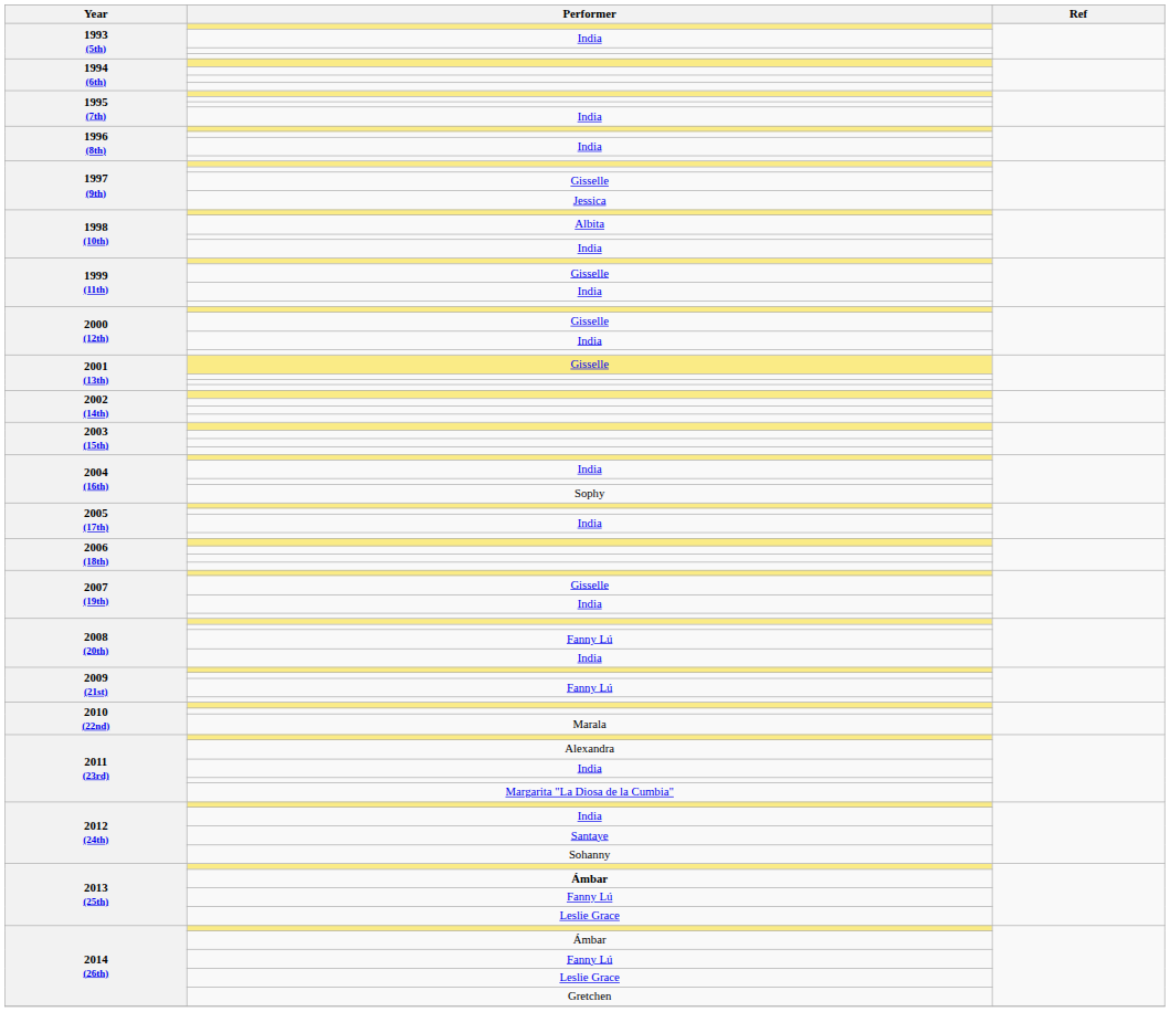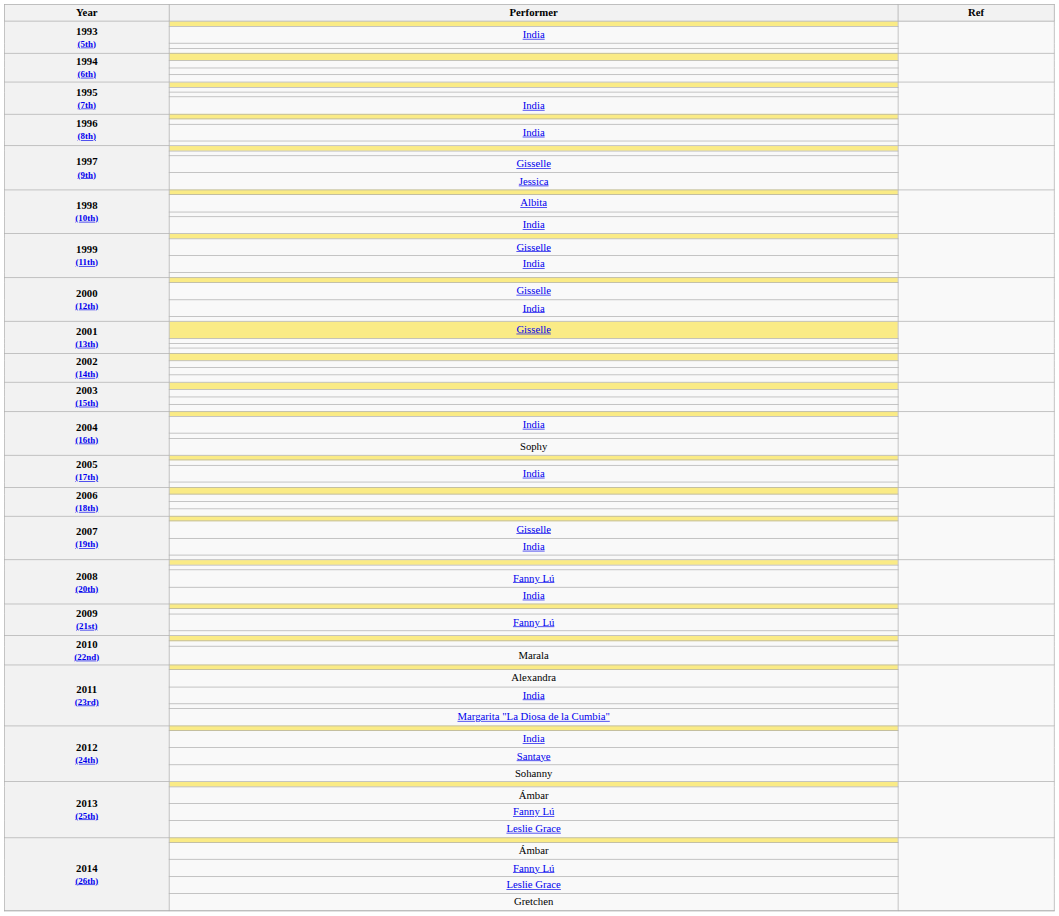 <table class="wikitable sortable" style="text-align:center;">
 <tr style="background:#bebebe;">
 <th scope="col" style="width:1%;">Year</th>
 <th scope="col" style="width:5%;">Performer</th>
 <th scope="col" style="width:1%;" class="unsortable">Ref</th>
 </tr>
 <tr>
 <th scope="row" rowspan=4>1993 <br><small><a href='#'>(5th)</a></small></th>
 <td style="background:#FAEB86"></td>
 <td rowspan=4></td>
 </tr>
 <tr>
 <td><a href='#'>India</a></td>
 </tr>
 <tr>
 <td></td>
 </tr>
 <tr>
 <td></td>
 </tr>
 <tr>
 <th scope="row" rowspan=4>1994 <br><small><a href='#'>(6th)</a></small></th>
 <td style="background:#FAEB86"></td>
 <td rowspan=4></td>
 </tr>
 <tr>
 <td></td>
 </tr>
 <tr>
 <td></td>
 </tr>
 <tr>
 <td></td>
 </tr>
 <tr>
 <th scope="row" rowspan=4>1995 <br><small><a href='#'>(7th)</a></small></th>
 <td style="background:#FAEB86"></td>
 <td rowspan=4></td>
 </tr>
 <tr>
 <td></td>
 </tr>
 <tr>
 <td></td>
 </tr>
 <tr>
 <td><a href='#'>India</a></td>
 </tr>
 <tr>
 <th scope="row" rowspan=4>1996 <br><small><a href='#'>(8th)</a></small></th>
 <td style="background:#FAEB86"></td>
 <td rowspan=4></td>
 </tr>
 <tr>
 <td></td>
 </tr>
 <tr>
 <td><a href='#'>India</a></td>
 </tr>
 <tr>
 <td></td>
 </tr>
 <tr>
 <th scope="row" rowspan=4>1997 <br><small><a href='#'>(9th)</a></small></th>
 <td style="background:#FAEB86"></td>
 <td rowspan=4></td>
 </tr>
 <tr>
 <td></td>
 </tr>
 <tr>
 <td><a href='#'>Gisselle</a></td>
 </tr>
 <tr>
 <td><a href='#'>Jessica</a></td>
 </tr>
 <tr>
 <th scope="row" rowspan=4>1998 <br><small><a href='#'>(10th)</a></small></th>
 <td style="background:#FAEB86"></td>
 <td rowspan=4></td>
 </tr>
 <tr>
 <td><a href='#'>Albita</a></td>
 </tr>
 <tr>
 <td></td>
 </tr>
 <tr>
 <td><a href='#'>India</a></td>
 </tr>
 <tr>
 <th scope="row" rowspan=4>1999 <br><small><a href='#'>(11th)</a></small></th>
 <td style="background:#FAEB86"></td>
 <td rowspan=4></td>
 </tr>
 <tr>
 <td><a href='#'>Gisselle</a></td>
 </tr>
 <tr>
 <td><a href='#'>India</a></td>
 </tr>
 <tr>
 <td></td>
 </tr>
 <tr>
 <th scope="row" rowspan=4>2000 <br><small><a href='#'>(12th)</a></small></th>
 <td style="background:#FAEB86"></td>
 <td rowspan=4></td>
 </tr>
 <tr>
 <td><a href='#'>Gisselle</a></td>
 </tr>
 <tr>
 <td><a href='#'>India</a></td>
 </tr>
 <tr>
 <td></td>
 </tr>
 <tr>
 <th scope="row" rowspan=4>2001 <br><small><a href='#'>(13th)</a></small></th>
 <td style="background:#FAEB86"><a href='#'>Gisselle</a></td>
 <td rowspan=4></td>
 </tr>
 <tr>
 <td></td>
 </tr>
 <tr>
 <td></td>
 </tr>
 <tr>
 <td></td>
 </tr>
 <tr>
 <th scope="row" rowspan=4>2002 <br><small><a href='#'>(14th)</a></small></th>
 <td style="background:#FAEB86"></td>
 <td rowspan=4></td>
 </tr>
 <tr>
 <td></td>
 </tr>
 <tr>
 <td></td>
 </tr>
 <tr>
 <td></td>
 </tr>
 <tr>
 <th scope="row" rowspan=4>2003 <br><small><a href='#'>(15th)</a></small></th>
 <td style="background:#FAEB86"></td>
 <td rowspan=4></td>
 </tr>
 <tr>
 <td></td>
 </tr>
 <tr>
 <td></td>
 </tr>
 <tr>
 <td></td>
 </tr>
 <tr>
 <th scope="row" rowspan=4>2004 <br><small><a href='#'>(16th)</a></small></th>
 <td style="background:#FAEB86"></td>
 <td rowspan=4></td>
 </tr>
 <tr>
 <td><a href='#'>India</a></td>
 </tr>
 <tr>
 <td></td>
 </tr>
 <tr>
 <td>Sophy</td>
 </tr>
 <tr>
 <th scope="row" rowspan=4>2005 <br><small><a href='#'>(17th)</a></small></th>
 <td style="background:#FAEB86"></td>
 <td rowspan=4></td>
 </tr>
 <tr>
 <td></td>
 </tr>
 <tr>
 <td><a href='#'>India</a></td>
 </tr>
 <tr>
 <td></td>
 </tr>
 <tr>
 <th scope="row" rowspan=4>2006 <br><small><a href='#'>(18th)</a></small></th>
 <td style="background:#FAEB86"></td>
 <td rowspan=4></td>
 </tr>
 <tr>
 <td></td>
 </tr>
 <tr>
 <td></td>
 </tr>
 <tr>
 <td></td>
 </tr>
 <tr>
 <th scope="row" rowspan=4>2007 <br><small><a href='#'>(19th)</a></small></th>
 <td style="background:#FAEB86"></td>
 <td rowspan=4></td>
 </tr>
 <tr>
 <td><a href='#'>Gisselle</a></td>
 </tr>
 <tr>
 <td><a href='#'>India</a></td>
 </tr>
 <tr>
 <td></td>
 </tr>
 <tr>
 <th scope="row" rowspan=4>2008 <br><small><a href='#'>(20th)</a></small></th>
 <td style="background:#FAEB86"></td>
 <td rowspan=4></td>
 </tr>
 <tr>
 <td></td>
 </tr>
 <tr>
 <td><a href='#'>Fanny Lú</a></td>
 </tr>
 <tr>
 <td><a href='#'>India</a></td>
 </tr>
 <tr>
 <th scope="row" rowspan=4>2009 <br><small><a href='#'>(21st)</a></small></th>
 <td style="background:#FAEB86"></td>
 <td rowspan=4></td>
 </tr>
 <tr>
 <td></td>
 </tr>
 <tr>
 <td><a href='#'>Fanny Lú</a></td>
 </tr>
 <tr>
 <td></td>
 </tr>
 <tr>
 <th scope="row" rowspan=3>2010 <br><small><a href='#'>(22nd)</a></small></th>
 <td style="background:#FAEB86"></td>
 <td rowspan=3></td>
 </tr>
 <tr>
 <td></td>
 </tr>
 <tr>
 <td>Marala</td>
 </tr>
 <tr>
 <th scope="row" rowspan=5>2011 <br><small><a href='#'>(23rd)</a></small></th>
 <td style="background:#FAEB86"></td>
 <td rowspan=5></td>
 </tr>
 <tr>
 <td>Alexandra</td>
 </tr>
 <tr>
 <td><a href='#'>India</a></td>
 </tr>
 <tr>
 <td></td>
 </tr>
 <tr>
 <td><a href='#'>Margarita "La Diosa de la Cumbia"</a></td>
 </tr>
 <tr>
 <th scope="row" rowspan=4>2012 <br><small><a href='#'>(24th)</a></small></th>
 <td style="background:#FAEB86"></td>
 <td rowspan=4></td>
 </tr>
 <tr>
 <td><a href='#'>India</a></td>
 </tr>
 <tr>
 <td><a href='#'>Santaye</a></td>
 </tr>
 <tr>
 <td>Sohanny</td>
 </tr>
 <tr>
 <th scope="row" rowspan=4>2013 <br><small><a href='#'>(25th)</a></small></th>
 <td style="background:#FAEB86"></td>
 <td rowspan=4></td>
 </tr>
 <tr>
-<td><strong>Ámbar</strong></td>
+<td>Ámbar</td>
 </tr>
 <tr>
 <td><a href='#'>Fanny Lú</a></td>
 </tr>
 <tr>
 <td><a href='#'>Leslie Grace</a></td>
 </tr>
 <tr>
 <th scope="row" rowspan=5>2014 <br><small><a href='#'>(26th)</a></small></th>
 <td style="background:#FAEB86"></td>
 <td rowspan=5></td>
 </tr>
 <tr>
 <td>Ámbar</td>
 </tr>
 <tr>
 <td><a href='#'>Fanny Lú</a></td>
 </tr>
 <tr>
 <td><a href='#'>Leslie Grace</a></td>
 </tr>
 <tr>
 <td>Gretchen</td>
 </tr>
 <tr>
 </tr>
 </table>
